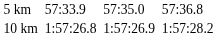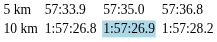 <table>
 <tr>
 <td>5 km<br></td>
 <td></td>
 <td>57:33.9</td>
 <td></td>
 <td>57:35.0</td>
 <td></td>
 <td>57:36.8</td>
 </tr>
 <tr>
 <td>10 km<br></td>
 <td></td>
 <td>1:57:26.8</td>
 <td></td>
-<td>1:57:26.9</td>
+<td style="background: lightblue;">1:57:26.9</td>
 <td></td>
 <td>1:57:28.2</td>
 </tr>
 </table>
